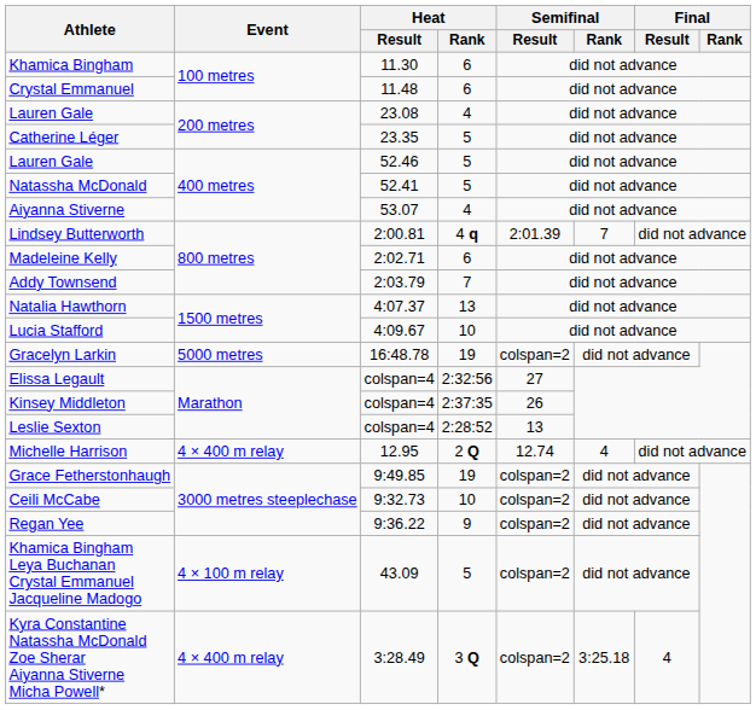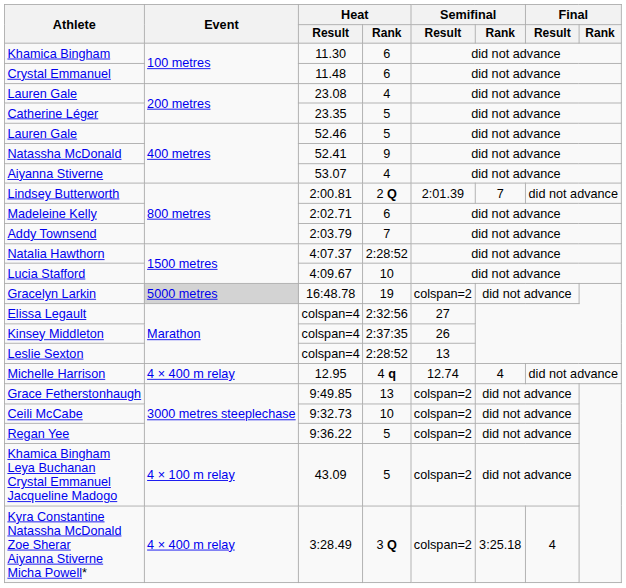 <table class="wikitable" style="font-size:90%">
 <tr>
 <th rowspan="2">Athlete</th>
 <th rowspan="2">Event</th>
 <th colspan="2">Heat</th>
 <th colspan="2">Semifinal</th>
 <th colspan="2">Final</th>
 </tr>
 <tr style="font-size:95%">
 <th>Result</th>
 <th>Rank</th>
 <th>Result</th>
 <th>Rank</th>
 <th>Result</th>
 <th>Rank</th>
 </tr>
 <tr align=center>
 <td align=left><a href='#'>Khamica Bingham</a></td>
 <td align=left rowspan=2><a href='#'>100 metres</a></td>
 <td>11.30</td>
 <td>6</td>
 <td colspan="4">did not advance</td>
 </tr>
 <tr align=center>
 <td align=left><a href='#'>Crystal Emmanuel</a></td>
 <td>11.48</td>
 <td>6</td>
 <td colspan="4">did not advance</td>
 </tr>
 <tr align="center">
 <td align="left"><a href='#'>Lauren Gale</a></td>
 <td align="left" rowspan="2"><a href='#'>200 metres</a></td>
 <td>23.08</td>
 <td>4</td>
 <td colspan="4">did not advance</td>
 </tr>
 <tr align="center">
 <td align="left"><a href='#'>Catherine Léger</a></td>
 <td>23.35</td>
 <td>5</td>
 <td colspan="4">did not advance</td>
 </tr>
 <tr align="center">
 <td align="left"><a href='#'>Lauren Gale</a></td>
 <td rowspan="3" align="left"><a href='#'>400 metres</a></td>
 <td>52.46</td>
 <td>5</td>
 <td colspan="4">did not advance</td>
 </tr>
 <tr align="center">
 <td align="left"><a href='#'>Natassha McDonald</a></td>
 <td>52.41</td>
-<td>5</td>
+<td>9</td>
 <td colspan="4">did not advance</td>
 </tr>
 <tr align="center">
 <td align="left"><a href='#'>Aiyanna Stiverne</a></td>
 <td>53.07</td>
 <td>4</td>
 <td colspan="4">did not advance</td>
 </tr>
 <tr align="center">
 <td align="left"><a href='#'>Lindsey Butterworth</a></td>
 <td rowspan="3" align="left"><a href='#'>800 metres</a></td>
 <td>2:00.81</td>
-<td>4 <strong>q</strong></td>
+<td>2 <strong>Q</strong></td>
 <td>2:01.39</td>
 <td>7</td>
 <td colspan="2">did not advance</td>
 </tr>
 <tr align="center">
 <td align="left"><a href='#'>Madeleine Kelly</a></td>
 <td>2:02.71</td>
 <td>6</td>
 <td colspan="4">did not advance</td>
 </tr>
 <tr align="center">
 <td align="left"><a href='#'>Addy Townsend</a></td>
 <td>2:03.79</td>
 <td>7</td>
 <td colspan="4">did not advance</td>
 </tr>
 <tr align=center>
 <td align=left><a href='#'>Natalia Hawthorn</a></td>
 <td align=left rowspan=2><a href='#'>1500 metres</a></td>
 <td>4:07.37</td>
-<td>13</td>
+<td>2:28:52 </td>
 <td colspan=4>did not advance</td>
 </tr>
 <tr align=center>
 <td align=left><a href='#'>Lucia Stafford</a></td>
 <td>4:09.67</td>
 <td>10</td>
 <td colspan=4>did not advance</td>
 </tr>
 <tr align=center>
 <td align=left><a href='#'>Gracelyn Larkin</a></td>
-<td align=left><a href='#'>5000 metres</a></td>
+<td align=left style="background: lightgrey;"><a href='#'>5000 metres</a></td>
 <td>16:48.78</td>
 <td>19</td>
 <td>colspan=2 </td>
 <td colspan="2">did not advance</td>
 </tr>
 <tr align=center>
 <td align=left><a href='#'>Elissa Legault</a></td>
 <td align=left rowspan=3><a href='#'>Marathon</a></td>
 <td>colspan=4 </td>
 <td>2:32:56</td>
 <td>27</td>
 </tr>
 <tr align=center>
 <td align=left><a href='#'>Kinsey Middleton</a></td>
 <td>colspan=4 </td>
 <td>2:37:35</td>
 <td>26</td>
 </tr>
 <tr align=center>
 <td align=left><a href='#'>Leslie Sexton</a></td>
 <td>colspan=4 </td>
 <td>2:28:52 </td>
 <td>13</td>
 </tr>
 <tr align=center>
 <td align=left><a href='#'>Michelle Harrison</a></td>
 <td align=left><a href='#'>4 × 400 m relay</a></td>
 <td>12.95</td>
-<td>2 <strong>Q</strong></td>
+<td>4 <strong>q</strong></td>
 <td>12.74</td>
 <td>4</td>
 <td colspan="2">did not advance</td>
 </tr>
 <tr align=center>
 <td align=left><a href='#'>Grace Fetherstonhaugh</a></td>
 <td align=left rowspan=3><a href='#'>3000 metres steeplechase</a></td>
 <td>9:49.85</td>
-<td>19</td>
+<td>13</td>
 <td>colspan=2 </td>
 <td colspan=2>did not advance</td>
 </tr>
 <tr align=center>
 <td align=left><a href='#'>Ceili McCabe</a></td>
 <td>9:32.73</td>
 <td>10</td>
 <td>colspan=2 </td>
 <td colspan=2>did not advance</td>
 </tr>
 <tr align=center>
 <td align=left><a href='#'>Regan Yee</a></td>
 <td>9:36.22</td>
-<td>9</td>
+<td>5</td>
 <td>colspan=2 </td>
 <td colspan=2>did not advance</td>
 </tr>
 <tr align=center>
 <td align=left><a href='#'>Khamica Bingham</a><br><a href='#'>Leya Buchanan</a><br><a href='#'>Crystal Emmanuel</a><br><a href='#'>Jacqueline Madogo</a></td>
 <td align=left><a href='#'>4 × 100 m relay</a></td>
 <td>43.09</td>
 <td>5</td>
 <td>colspan=2 </td>
 <td colspan=2>did not advance</td>
 </tr>
 <tr align=center>
 <td align=left><a href='#'>Kyra Constantine</a><br><a href='#'>Natassha McDonald</a><br><a href='#'>Zoe Sherar</a><br><a href='#'>Aiyanna Stiverne</a><br><a href='#'>Micha Powell</a>*</td>
 <td align=left><a href='#'>4 × 400 m relay</a></td>
 <td>3:28.49 </td>
 <td>3 <strong>Q</strong></td>
 <td>colspan=2 </td>
 <td>3:25.18 </td>
 <td>4</td>
 </tr>
 </table>
